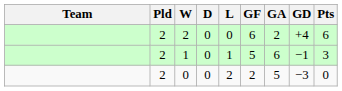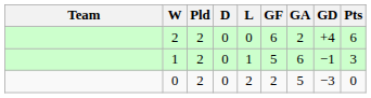 <table class="wikitable" style="text-align:center;">
 <tr>
 <th width=175>Team</th>
+<th width=20 abbr="Won">W</th>
 <th width=20 abbr="Played">Pld</th>
-<th width=20 abbr="Won">W</th>
 <th width=20 abbr="Drawn">D</th>
 <th width=20 abbr="Lost">L</th>
 <th width=20 abbr="Goals for">GF</th>
 <th width=20 abbr="Goals against">GA</th>
 <th width=20 abbr="Goal difference">GD</th>
 <th width=20 abbr="Points">Pts</th>
 </tr>
 <tr ---- align="center" bgcolor="ccffcc">
 <td align="left"></td>
 <td>2</td>
 <td>2</td>
 <td>0</td>
 <td>0</td>
 <td>6</td>
 <td>2</td>
 <td>+4</td>
 <td>6</td>
 </tr>
 <tr ---- align="center" bgcolor="ccffcc">
 <td align="left"></td>
+<td>1</td>
 <td>2</td>
-<td>1</td>
 <td>0</td>
 <td>1</td>
 <td>5</td>
 <td>6</td>
 <td>−1</td>
 <td>3</td>
 </tr>
 <tr ---- align="center">
 <td align="left"></td>
+<td>0</td>
 <td>2</td>
-<td>0</td>
 <td>0</td>
 <td>2</td>
 <td>2</td>
 <td>5</td>
 <td>−3</td>
 <td>0</td>
 </tr>
 </table>
